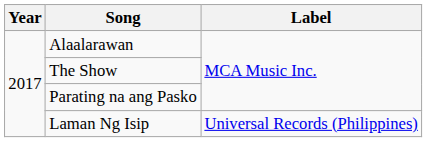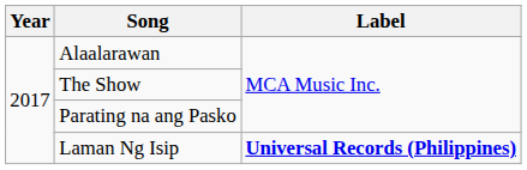 <table class="wikitable">
 <tr>
 <th>Year</th>
 <th>Song</th>
 <th>Label</th>
 </tr>
 <tr>
 <td rowspan="4">2017</td>
 <td>Alaalarawan</td>
 <td rowspan="3"><a href='#'>MCA Music Inc.</a></td>
 </tr>
 <tr>
 <td>The Show</td>
 </tr>
 <tr>
 <td>Parating na ang Pasko</td>
 </tr>
 <tr>
 <td>Laman Ng Isip</td>
-<td><a href='#'>Universal Records (Philippines)</a></td>
+<td><strong><a href='#'>Universal Records (Philippines)</a></strong></td>
 </tr>
 </table>
